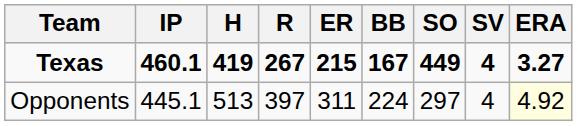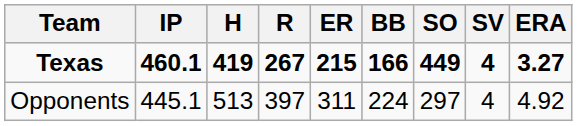 <table class="wikitable sortable">
 <tr>
 <th>Team</th>
 <th>IP</th>
 <th>H</th>
 <th>R</th>
 <th>ER</th>
 <th>BB</th>
 <th>SO</th>
 <th>SV</th>
 <th>ERA</th>
 </tr>
 <tr style="text-align:center;">
 <td><strong>Texas</strong></td>
 <td><strong>460.1</strong></td>
 <td><strong>419</strong></td>
 <td><strong>267</strong></td>
 <td><strong>215</strong></td>
-<td><strong>167</strong></td>
+<td><strong>166</strong></td>
 <td><strong>449</strong></td>
 <td><strong>4</strong></td>
 <td><strong>3.27</strong></td>
 </tr>
 <tr style="text-align:center;">
 <td>Opponents</td>
 <td>445.1</td>
 <td>513</td>
 <td>397</td>
 <td>311</td>
 <td>224</td>
 <td>297</td>
 <td>4</td>
-<td style="background: lightyellow;">4.92</td>
+<td>4.92</td>
 </tr>
 </table>
